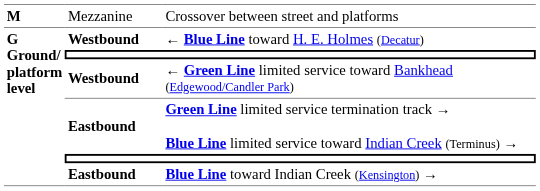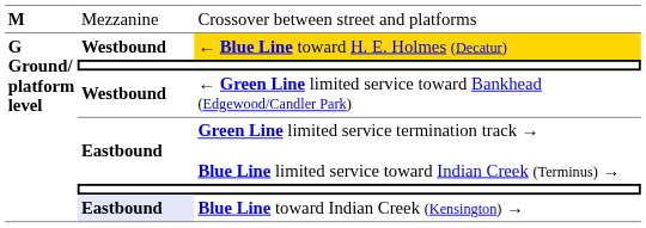 <table table border=0 cellspacing=0 cellpadding=3>
 <tr>
 <td style="border-top:solid 1px gray;" width=50 valign=top><strong>M</strong></td>
 <td style="border-top:solid 1px gray;" width=100 valign=top>Mezzanine</td>
 <td style="border-top:solid 1px gray;" width=400 valign=top>Crossover between street and platforms</td>
 </tr>
 <tr>
 <td style="border-top:solid 1px gray;border-bottom:solid 1px gray;" width=50 rowspan=6 valign=top><strong>G<br>Ground/<br>platform level</strong></td>
 <td style="border-top:solid 1px gray;" width=100><strong>Westbound</strong></td>
-<td style="border-top:solid 1px gray;" width=400>← <a href='#'><span><strong>Blue Line</strong></span></a> toward <a href='#'>H. E. Holmes</a> <small>(<a href='#'>Decatur</a>)</small></td>
+<td style="background: gold; border-top:solid 1px gray;" width=400>← <a href='#'><span><strong>Blue Line</strong></span></a> toward <a href='#'>H. E. Holmes</a> <small>(<a href='#'>Decatur</a>)</small></td>
 </tr>
 <tr>
 <td style="border-top:solid 2px black;border-right:solid 2px black;border-left:solid 2px black;border-bottom:solid 2px black;text-align:center;" colspan=2></td>
 </tr>
 <tr>
 <td style="border-bottom:solid 1px gray;"><strong>Westbound</strong></td>
 <td style="border-bottom:solid 1px gray;">← <a href='#'><span><strong>Green Line</strong></span></a> limited service toward <a href='#'>Bankhead</a> <small>(<a href='#'>Edgewood/Candler Park</a>)</small></td>
 </tr>
 <tr>
 <td><strong>Eastbound</strong></td>
 <td> <a href='#'><span><strong>Green Line</strong></span></a> limited service termination track  →<br><br> <a href='#'><span><strong>Blue Line</strong></span></a> limited service toward <a href='#'>Indian Creek</a> <small>(Terminus)</small> →</td>
 </tr>
 <tr>
 <td style="border-top:solid 2px black;border-right:solid 2px black;border-left:solid 2px black;border-bottom:solid 2px black;text-align:center;" colspan=2></td>
 </tr>
 <tr>
-<td style="border-bottom:solid 1px gray;"><strong>Eastbound</strong></td>
+<td style="background: lavender; border-bottom:solid 1px gray;"><strong>Eastbound</strong></td>
 <td style="border-bottom:solid 1px gray;"> <a href='#'><span><strong>Blue Line</strong></span></a> toward Indian Creek <small>(<a href='#'>Kensington</a>)</small> →</td>
 </tr>
 </table>
